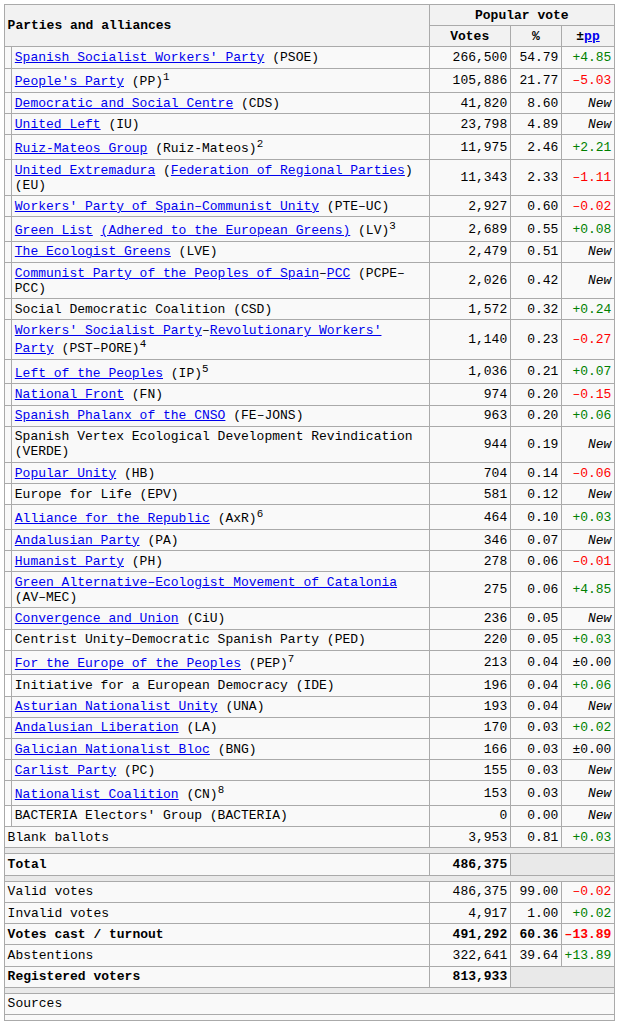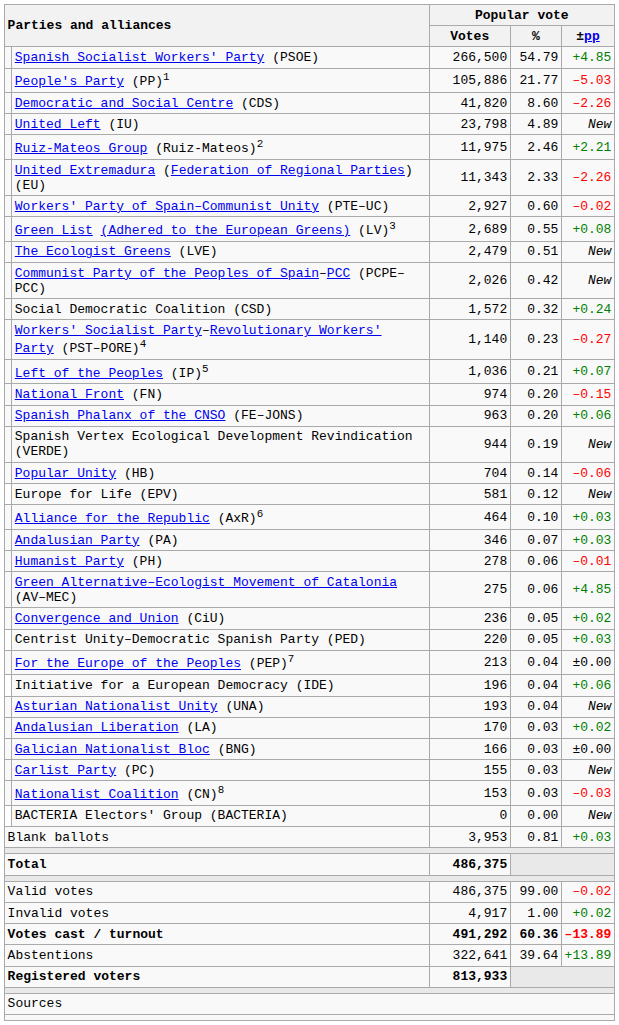 <table class="wikitable" style="text-align:right">
 <tr>
 <th style="text-align:left;" rowspan="2" colspan="2" width="525">Parties and alliances</th>
 <th colspan="3">Popular vote</th>
 </tr>
 <tr>
 <th width="75">Votes</th>
 <th width="45">%</th>
 <th width="45">±<a href='#'>pp</a></th>
 </tr>
 <tr>
 <td width="1" style="color:inherit;background:"></td>
 <td align="left"><a href='#'>Spanish Socialist Workers' Party</a> (PSOE)</td>
 <td>266,500</td>
 <td>54.79</td>
 <td style="color:green;">+4.85</td>
 </tr>
 <tr>
 <td style="color:inherit;background:"></td>
 <td align="left"><a href='#'>People's Party</a> (PP)<sup>1</sup></td>
 <td>105,886</td>
 <td>21.77</td>
 <td style="color:red;">–5.03</td>
 </tr>
 <tr>
 <td style="color:inherit;background:"></td>
 <td align="left"><a href='#'>Democratic and Social Centre</a> (CDS)</td>
 <td>41,820</td>
 <td>8.60</td>
-<td><em>New</em></td>
+<td style="color:red;">–2.26</td>
 </tr>
 <tr>
 <td style="color:inherit;background:"></td>
 <td align="left"><a href='#'>United Left</a> (IU)</td>
 <td>23,798</td>
 <td>4.89</td>
 <td><em>New</em></td>
 </tr>
 <tr>
 <td style="color:inherit;background:"></td>
 <td align="left"><a href='#'>Ruiz-Mateos Group</a> (Ruiz-Mateos)<sup>2</sup></td>
 <td>11,975</td>
 <td>2.46</td>
 <td style="color:green;">+2.21</td>
 </tr>
 <tr>
 <td style="color:inherit;background:"></td>
 <td align="left"><a href='#'>United Extremadura</a> (<a href='#'>Federation of Regional Parties</a>) (EU)</td>
 <td>11,343</td>
 <td>2.33</td>
-<td style="color:red;">–1.11</td>
+<td style="color:red;">–2.26</td>
 </tr>
 <tr>
 <td style="color:inherit;background:"></td>
 <td align="left"><a href='#'>Workers' Party of Spain–Communist Unity</a> (PTE–UC)</td>
 <td>2,927</td>
 <td>0.60</td>
 <td style="color:red;">–0.02</td>
 </tr>
 <tr>
 <td style="color:inherit;background:"></td>
 <td align="left"><a href='#'>Green List</a> <a href='#'>(Adhered to the European Greens)</a> (LV)<sup>3</sup></td>
 <td>2,689</td>
 <td>0.55</td>
 <td style="color:green;">+0.08</td>
 </tr>
 <tr>
 <td style="color:inherit;background:"></td>
 <td align="left"><a href='#'>The Ecologist Greens</a> (LVE)</td>
 <td>2,479</td>
 <td>0.51</td>
 <td><em>New</em></td>
 </tr>
 <tr>
 <td style="color:inherit;background:"></td>
 <td align="left"><a href='#'>Communist Party of the Peoples of Spain</a>–<a href='#'>PCC</a> (PCPE–PCC)</td>
 <td>2,026</td>
 <td>0.42</td>
 <td><em>New</em></td>
 </tr>
 <tr>
 <td style="color:inherit;background:"></td>
 <td align="left">Social Democratic Coalition (CSD)</td>
 <td>1,572</td>
 <td>0.32</td>
 <td style="color:green;">+0.24</td>
 </tr>
 <tr>
 <td style="color:inherit;background:"></td>
 <td align="left"><a href='#'>Workers' Socialist Party</a>–<a href='#'>Revolutionary Workers' Party</a> (PST–PORE)<sup>4</sup></td>
 <td>1,140</td>
 <td>0.23</td>
 <td style="color:red;">–0.27</td>
 </tr>
 <tr>
 <td style="color:inherit;background:"></td>
 <td align="left"><a href='#'>Left of the Peoples</a> (IP)<sup>5</sup></td>
 <td>1,036</td>
 <td>0.21</td>
 <td style="color:green;">+0.07</td>
 </tr>
 <tr>
 <td style="color:inherit;background:"></td>
 <td align="left"><a href='#'>National Front</a> (FN)</td>
 <td>974</td>
 <td>0.20</td>
 <td style="color:red;">–0.15</td>
 </tr>
 <tr>
 <td style="color:inherit;background:"></td>
 <td align="left"><a href='#'>Spanish Phalanx of the CNSO</a> (FE–JONS)</td>
 <td>963</td>
 <td>0.20</td>
 <td style="color:green;">+0.06</td>
 </tr>
 <tr>
 <td style="color:inherit;background:"></td>
 <td align="left">Spanish Vertex Ecological Development Revindication (VERDE)</td>
 <td>944</td>
 <td>0.19</td>
 <td><em>New</em></td>
 </tr>
 <tr>
 <td style="color:inherit;background:"></td>
 <td align="left"><a href='#'>Popular Unity</a> (HB)</td>
 <td>704</td>
 <td>0.14</td>
 <td style="color:red;">–0.06</td>
 </tr>
 <tr>
 <td bgcolor="white"></td>
 <td align="left">Europe for Life (EPV)</td>
 <td>581</td>
 <td>0.12</td>
 <td><em>New</em></td>
 </tr>
 <tr>
 <td style="color:inherit;background:"></td>
 <td align="left"><a href='#'>Alliance for the Republic</a> (AxR)<sup>6</sup></td>
 <td>464</td>
 <td>0.10</td>
 <td style="color:green;">+0.03</td>
 </tr>
 <tr>
 <td style="color:inherit;background:"></td>
 <td align="left"><a href='#'>Andalusian Party</a> (PA)</td>
 <td>346</td>
 <td>0.07</td>
-<td><em>New</em></td>
+<td style="color:green;">+0.03</td>
 </tr>
 <tr>
 <td style="color:inherit;background:"></td>
 <td align="left"><a href='#'>Humanist Party</a> (PH)</td>
 <td>278</td>
 <td>0.06</td>
 <td style="color:red;">–0.01</td>
 </tr>
 <tr>
 <td style="color:inherit;background:"></td>
 <td align="left"><a href='#'>Green Alternative–Ecologist Movement of Catalonia</a> (AV–MEC)</td>
 <td>275</td>
 <td>0.06</td>
 <td style="color:green;">+4.85</td>
 </tr>
 <tr>
 <td style="color:inherit;background:"></td>
 <td align="left"><a href='#'>Convergence and Union</a> (CiU)</td>
 <td>236</td>
 <td>0.05</td>
-<td><em>New</em></td>
+<td style="color:green;">+0.02</td>
 </tr>
 <tr>
 <td bgcolor="white"></td>
 <td align="left">Centrist Unity–Democratic Spanish Party (PED)</td>
 <td>220</td>
 <td>0.05</td>
 <td style="color:green;">+0.03</td>
 </tr>
 <tr>
 <td style="color:inherit;background:"></td>
 <td align="left"><a href='#'>For the Europe of the Peoples</a> (PEP)<sup>7</sup></td>
 <td>213</td>
 <td>0.04</td>
 <td>±0.00</td>
 </tr>
 <tr>
 <td bgcolor="white"></td>
 <td align="left">Initiative for a European Democracy (IDE)</td>
 <td>196</td>
 <td>0.04</td>
 <td style="color:green;">+0.06</td>
 </tr>
 <tr>
 <td style="color:inherit;background:"></td>
 <td align="left"><a href='#'>Asturian Nationalist Unity</a> (UNA)</td>
 <td>193</td>
 <td>0.04</td>
 <td><em>New</em></td>
 </tr>
 <tr>
 <td style="color:inherit;background:"></td>
 <td align="left"><a href='#'>Andalusian Liberation</a> (LA)</td>
 <td>170</td>
 <td>0.03</td>
 <td style="color:green;">+0.02</td>
 </tr>
 <tr>
 <td style="color:inherit;background:"></td>
 <td align="left"><a href='#'>Galician Nationalist Bloc</a> (BNG)</td>
 <td>166</td>
 <td>0.03</td>
 <td>±0.00</td>
 </tr>
 <tr>
 <td style="color:inherit;background:"></td>
 <td align="left"><a href='#'>Carlist Party</a> (PC)</td>
 <td>155</td>
 <td>0.03</td>
 <td><em>New</em></td>
 </tr>
 <tr>
 <td style="color:inherit;background:"></td>
 <td align="left"><a href='#'>Nationalist Coalition</a> (CN)<sup>8</sup></td>
 <td>153</td>
 <td>0.03</td>
-<td><em>New</em></td>
+<td style="color:red;">–0.03</td>
 </tr>
 <tr>
 <td bgcolor="white"></td>
 <td align="left">BACTERIA Electors' Group (BACTERIA)</td>
 <td>0</td>
 <td>0.00</td>
 <td><em>New</em></td>
 </tr>
 <tr>
 <td align="left" colspan="2">Blank ballots</td>
 <td>3,953</td>
 <td>0.81</td>
 <td style="color:green;">+0.03</td>
 </tr>
 <tr>
 <td colspan="5" bgcolor="#E9E9E9"></td>
 </tr>
 <tr style="font-weight:bold;">
 <td align="left" colspan="2">Total</td>
 <td>486,375</td>
 <td bgcolor="#E9E9E9" colspan="2"></td>
 </tr>
 <tr>
 <td colspan="5" bgcolor="#E9E9E9"></td>
 </tr>
 <tr>
 <td align="left" colspan="2">Valid votes</td>
 <td>486,375</td>
 <td>99.00</td>
 <td style="color:red;">–0.02</td>
 </tr>
 <tr>
 <td align="left" colspan="2">Invalid votes</td>
 <td>4,917</td>
 <td>1.00</td>
 <td style="color:green;">+0.02</td>
 </tr>
 <tr style="font-weight:bold;">
 <td align="left" colspan="2">Votes cast / turnout</td>
 <td>491,292</td>
 <td>60.36</td>
 <td style="color:red;">–13.89</td>
 </tr>
 <tr>
 <td align="left" colspan="2">Abstentions</td>
 <td>322,641</td>
 <td>39.64</td>
 <td style="color:green;">+13.89</td>
 </tr>
 <tr style="font-weight:bold;">
 <td align="left" colspan="2">Registered voters</td>
 <td>813,933</td>
 <td bgcolor="#E9E9E9" colspan="2"></td>
 </tr>
 <tr>
 <td colspan="5" bgcolor="#E9E9E9"></td>
 </tr>
 <tr>
 <td align="left" colspan="5">Sources</td>
 </tr>
 <tr>
 <td colspan="5" style="text-align:left; max-width:680px;"></td>
 </tr>
 </table>
